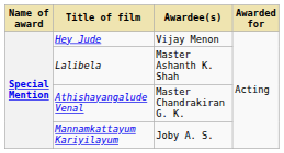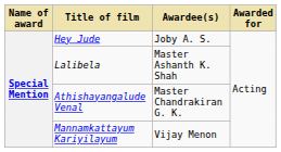 <table class="wikitable plainrowheaders" width="60%">
 <tr>
 <th style="background-color:#EFE4B0">Name of award</th>
 <th style="background-color:#EFE4B0">Title of film</th>
 <th style="background-color:#EFE4B0">Awardee(s)</th>
 <th style="background-color:#EFE4B0" class="unsortable">Awarded for</th>
 </tr>
 <tr>
 <th scope="row" rowspan="4"><a href='#'>Special Mention</a></th>
 <td><em><a href='#'>Hey Jude</a></em></td>
-<td>Vijay Menon</td>
+<td>Joby A. S.</td>
 <td rowspan="4">Acting</td>
 </tr>
 <tr>
 <td><em>Lalibela</em></td>
 <td>Master Ashanth K. Shah</td>
 </tr>
 <tr>
 <td><em><a href='#'>Athishayangalude Venal</a></em></td>
 <td>Master Chandrakiran G. K.</td>
 </tr>
 <tr>
 <td><em><a href='#'>Mannamkattayum Kariyilayum</a></em></td>
-<td>Joby A. S.</td>
+<td>Vijay Menon</td>
 </tr>
 </table>
